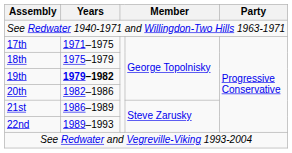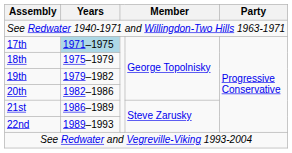 <table class=wikitable align=right>
 <tr>
 <th>Assembly</th>
 <th>Years</th>
 <th colspan="2">Member</th>
 <th>Party</th>
 </tr>
 <tr>
 <td align="center" colspan=5><em>See <a href='#'>Redwater</a> 1940-1971 and <a href='#'>Willingdon-Two Hills</a> 1963-1971</em></td>
 </tr>
 <tr>
 <td><a href='#'>17th</a></td>
-<td><a href='#'>1971</a>–1975</td>
+<td style="background: lightblue;"><a href='#'>1971</a>–1975</td>
 <td rowspan=6 ></td>
 <td rowspan=4><a href='#'>George Topolnisky</a></td>
 <td rowspan=6><a href='#'>Progressive <br>Conservative</a></td>
 </tr>
 <tr>
 <td><a href='#'>18th</a></td>
 <td><a href='#'>1975</a>–1979</td>
 </tr>
 <tr>
 <td><a href='#'>19th</a></td>
-<td><strong><a href='#'>1979</a>–1982</strong></td>
+<td><a href='#'>1979</a>–1982</td>
 </tr>
 <tr>
 <td><a href='#'>20th</a></td>
 <td><a href='#'>1982</a>–1986</td>
 </tr>
 <tr>
 <td><a href='#'>21st</a></td>
 <td><a href='#'>1986</a>–1989</td>
 <td rowspan=2><a href='#'>Steve Zarusky</a></td>
 </tr>
 <tr>
 <td><a href='#'>22nd</a></td>
 <td><a href='#'>1989</a>–1993</td>
 </tr>
 <tr>
 <td align="center" colspan=5><em>See <a href='#'>Redwater</a> and <a href='#'>Vegreville-Viking</a> 1993-2004</em></td>
 </tr>
 </table>
